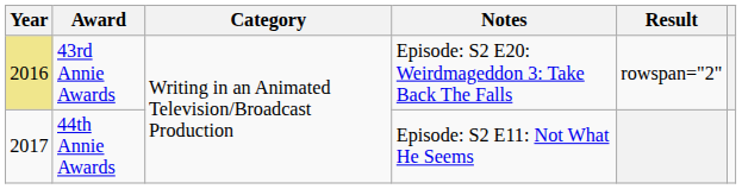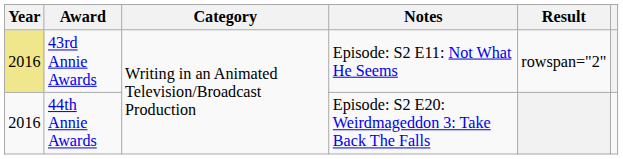 <table class="wikitable">
 <tr>
 <th>Year</th>
 <th>Award</th>
 <th>Category</th>
 <th>Notes</th>
 <th>Result</th>
 <th></th>
 </tr>
 <tr>
 <td rowspan="1" style="background: khaki;">2016</td>
 <td rowspan="1"><a href='#'>43rd Annie Awards</a></td>
 <td rowspan="2">Writing in an Animated Television/Broadcast Production</td>
-<td>Episode: S2 E20: <a href='#'>Weirdmageddon 3: Take Back The Falls</a></td>
+<td>Episode: S2 E11: <a href='#'>Not What He Seems</a></td>
 <td>rowspan="2" </td>
 <th align=center></th>
 </tr>
 <tr>
-<td rowspan="1">2017</td>
+<td rowspan="1">2016</td>
 <td rowspan="1"><a href='#'>44th Annie Awards</a></td>
-<td>Episode: S2 E11: <a href='#'>Not What He Seems</a></td>
+<td>Episode: S2 E20: <a href='#'>Weirdmageddon 3: Take Back The Falls</a></td>
 <th align=center></th>
 </tr>
 </table>
